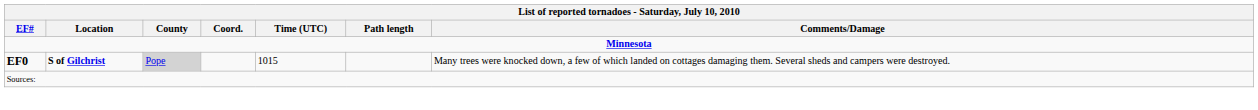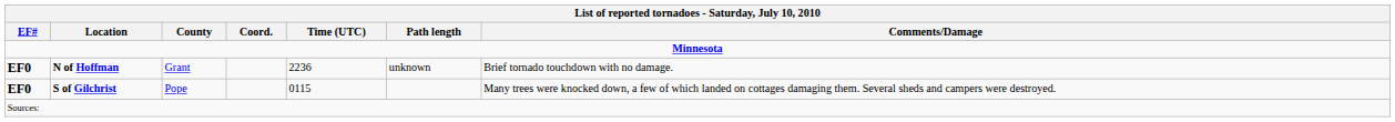 <table class="wikitable collapsible" style="width:100%;">
 <tr>
 <th colspan="7">List of reported tornadoes - Saturday, July 10, 2010</th>
 </tr>
 <tr>
 <th><a href='#'>EF#</a></th>
 <th>Location</th>
 <th>County</th>
 <th>Coord.</th>
 <th>Time (UTC)</th>
 <th>Path length</th>
 <th>Comments/Damage</th>
 </tr>
 <tr>
 <td colspan="7" style="text-align:center;"><strong><a href='#'>Minnesota</a></strong></td>
 </tr>
 <tr>
 <td><big><strong>EF0</strong></big></td>
+<td><strong>N of <a href='#'>Hoffman</a></strong></td>
+<td><a href='#'>Grant</a></td>
+<td></td>
+<td>2236</td>
+<td>unknown</td>
+<td>Brief tornado touchdown with no damage.</td>
+</tr>
+<tr>
+<td><big><strong>EF0</strong></big></td>
 <td><strong>S of <a href='#'>Gilchrist</a></strong></td>
-<td style="background: lightgrey;"><a href='#'>Pope</a></td>
+<td><a href='#'>Pope</a></td>
 <td></td>
-<td>1015</td>
+<td>0115</td>
 <td></td>
 <td>Many trees were knocked down, a few of which landed on cottages damaging them. Several sheds and campers were destroyed.</td>
 </tr>
 <tr>
 <td colspan="7"><small>Sources: </small></td>
 </tr>
 </table>
